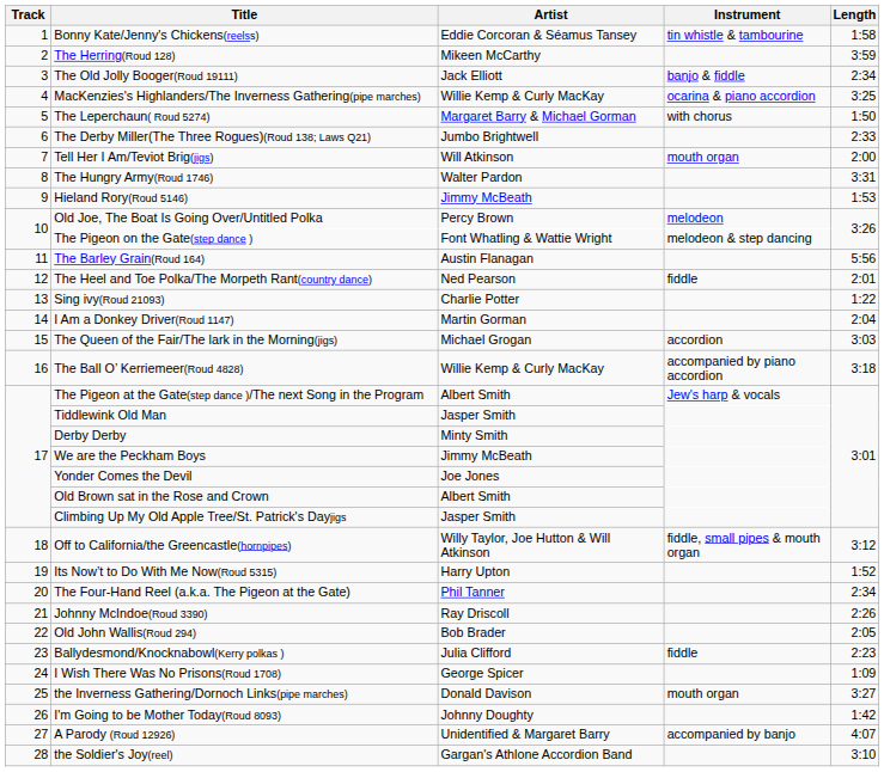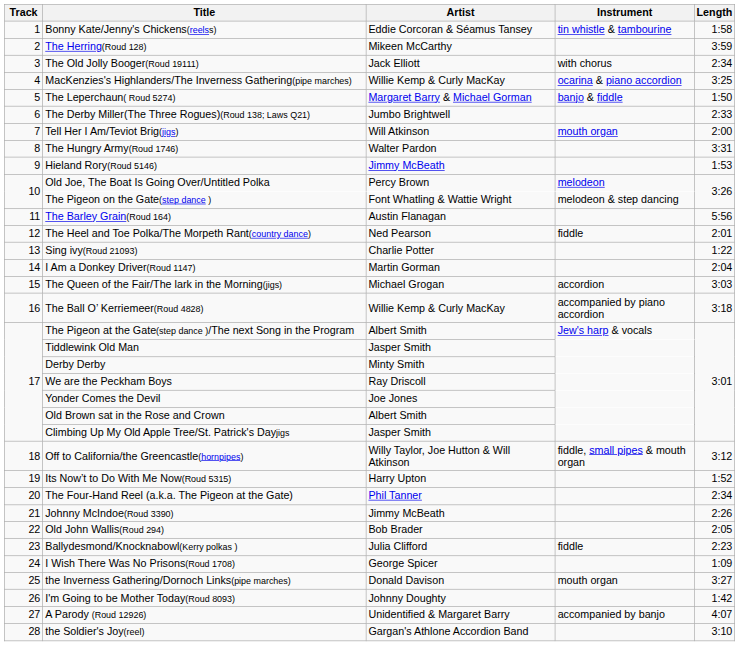 <table class="wikitable">
 <tr>
 <th style="width:  50px">Track</th>
 <th style="width: 475px">Title</th>
 <th style="width: 275px">Artist</th>
 <th style="width: 200px">Instrument</th>
 <th style="width:  50px">Length</th>
 </tr>
 <tr>
 <td style="text-align: right;">1</td>
 <td>Bonny Kate/Jenny's Chickens<small>(<a href='#'>reels</a>s)</small></td>
 <td>Eddie Corcoran & Séamus Tansey</td>
 <td><a href='#'>tin whistle</a> & <a href='#'>tambourine</a></td>
 <td style="text-align: right;">1:58</td>
 </tr>
 <tr>
 <td style="text-align: right;">2</td>
 <td><a href='#'>The Herring</a><small>(Roud 128)</small></td>
 <td>Mikeen McCarthy</td>
 <td></td>
 <td style="text-align: right;">3:59</td>
 </tr>
 <tr>
 <td style="text-align: right;">3</td>
 <td>The Old Jolly Booger<small>(Roud 19111)</small></td>
 <td>Jack Elliott</td>
-<td><a href='#'>banjo</a> & <a href='#'>fiddle</a></td>
+<td>with chorus</td>
 <td style="text-align: right;">2:34</td>
 </tr>
 <tr>
 <td style="text-align: right;">4</td>
 <td>MacKenzies's Highlanders/The Inverness Gathering<small>(pipe marches)</small></td>
 <td>Willie Kemp & Curly MacKay</td>
 <td><a href='#'>ocarina</a> & <a href='#'>piano accordion</a></td>
 <td style="text-align: right;">3:25</td>
 </tr>
 <tr>
 <td style="text-align: right;">5</td>
 <td>The Leperchaun<small>( Roud 5274)</small></td>
 <td><a href='#'>Margaret Barry</a> & <a href='#'>Michael Gorman</a></td>
-<td>with chorus</td>
+<td><a href='#'>banjo</a> & <a href='#'>fiddle</a></td>
 <td style="text-align: right;">1:50</td>
 </tr>
 <tr>
 <td style="text-align: right;">6</td>
 <td>The Derby Miller(The Three Rogues)<small>(Roud 138; Laws Q21)</small></td>
 <td>Jumbo Brightwell</td>
 <td></td>
 <td style="text-align: right;">2:33</td>
 </tr>
 <tr>
 <td style="text-align: right;">7</td>
 <td>Tell Her I Am/Teviot Brig<small>(<a href='#'>jigs</a>)</small></td>
 <td>Will Atkinson</td>
 <td><a href='#'>mouth organ</a></td>
 <td style="text-align: right;">2:00</td>
 </tr>
 <tr>
 <td style="text-align: right;">8</td>
 <td>The Hungry Army<small>(Roud 1746)</small></td>
 <td>Walter Pardon</td>
 <td></td>
 <td style="text-align: right;">3:31</td>
 </tr>
 <tr>
 <td style="text-align: right;">9</td>
 <td>Hieland Rory<small>(Roud 5146)</small></td>
 <td><a href='#'>Jimmy McBeath</a></td>
 <td></td>
 <td style="text-align: right;">1:53</td>
 </tr>
 <tr>
 <td rowspan = 2 style="text-align: right;">10</td>
 <td Style="border-bottom: 1px solid white;">Old Joe, The Boat Is Going Over/Untitled Polka</td>
 <td Style="border-bottom: 1px solid white;">Percy Brown</td>
 <td Style="border-bottom: 1px solid white;"><a href='#'>melodeon</a></td>
 <td rowspan = 2 style="text-align: right;">3:26</td>
 </tr>
 <tr>
 <td>The Pigeon on the Gate<small>(<a href='#'>step dance</a> )</small></td>
 <td>Font Whatling & Wattie Wright</td>
 <td>melodeon & step dancing</td>
 </tr>
 <tr>
 <td style="text-align: right;">11</td>
 <td><a href='#'>The Barley Grain</a><small>(Roud 164)</small></td>
 <td>Austin Flanagan</td>
 <td></td>
 <td style="text-align: right;">5:56</td>
 </tr>
 <tr>
 <td style="text-align: right;">12</td>
 <td>The Heel and Toe Polka/The Morpeth Rant<small>(<a href='#'>country dance</a>)</small></td>
 <td>Ned Pearson</td>
 <td>fiddle</td>
 <td style="text-align: right;">2:01</td>
 </tr>
 <tr>
 <td style="text-align: right;">13</td>
 <td>Sing ivy<small>(Roud 21093)</small></td>
 <td>Charlie Potter</td>
 <td></td>
 <td style="text-align: right;">1:22</td>
 </tr>
 <tr>
 <td style="text-align: right;">14</td>
 <td>I Am a Donkey Driver<small>(Roud 1147)</small></td>
 <td>Martin Gorman</td>
 <td></td>
 <td style="text-align: right;">2:04</td>
 </tr>
 <tr>
 <td style="text-align: right;">15</td>
 <td>The Queen of the Fair/The lark in the Morning<small>(jigs)</small></td>
 <td>Michael Grogan</td>
 <td>accordion</td>
 <td style="text-align: right;">3:03</td>
 </tr>
 <tr>
 <td style="text-align: right;">16</td>
 <td>The Ball O’ Kerriemeer<small>(Roud 4828)</small></td>
 <td>Willie Kemp & Curly MacKay</td>
 <td>accompanied by piano accordion</td>
 <td style="text-align: right;">3:18</td>
 </tr>
 <tr>
 <td rowspan = 7 style="text-align: right;">17</td>
 <td>The Pigeon at the Gate<small>(step dance )</small>/The next Song in the Program</td>
 <td>Albert Smith</td>
 <td Style="border-bottom: 1px solid white;"><a href='#'>Jew's harp</a> & vocals</td>
 <td rowspan = 7 style="text-align: right;">3:01</td>
 </tr>
 <tr>
 <td>Tiddlewink Old Man</td>
 <td>Jasper Smith</td>
 <td Style="border-bottom: 1px solid white;"></td>
 </tr>
 <tr>
 <td>Derby Derby</td>
 <td>Minty Smith</td>
 <td Style="border-bottom: 1px solid white;"></td>
 </tr>
 <tr>
 <td>We are the Peckham Boys</td>
-<td>Jimmy McBeath</td>
+<td>Ray Driscoll</td>
 <td Style="border-bottom: 1px solid white;"></td>
 </tr>
 <tr>
 <td>Yonder Comes the Devil</td>
 <td>Joe Jones</td>
 <td Style="border-bottom: 1px solid white;"></td>
 </tr>
 <tr>
 <td>Old Brown sat in the Rose and Crown</td>
 <td>Albert Smith</td>
 <td Style="border-bottom: 1px solid white;"></td>
 </tr>
 <tr>
 <td>Climbing Up My Old Apple Tree/St. Patrick's Day<small>jigs</small></td>
 <td>Jasper Smith</td>
 <td></td>
 </tr>
 <tr>
 <td style="text-align: right;">18</td>
 <td>Off to California/the Greencastle<small>(<a href='#'>hornpipes</a>)</small></td>
 <td>Willy Taylor, Joe Hutton & Will Atkinson</td>
 <td>fiddle, <a href='#'>small pipes</a> & mouth organ</td>
 <td style="text-align: right;">3:12</td>
 </tr>
 <tr>
 <td style="text-align: right;">19</td>
 <td>Its Now’t to Do With Me Now<small>(Roud 5315)</small></td>
 <td>Harry Upton</td>
 <td></td>
 <td style="text-align: right;">1:52</td>
 </tr>
 <tr>
 <td style="text-align: right;">20</td>
 <td>The Four-Hand Reel (a.k.a. The Pigeon at the Gate)</td>
 <td><a href='#'>Phil Tanner</a></td>
 <td></td>
 <td style="text-align: right;">2:34</td>
 </tr>
 <tr>
 <td style="text-align: right;">21</td>
 <td>Johnny McIndoe<small>(Roud 3390)</small></td>
-<td>Ray Driscoll</td>
+<td>Jimmy McBeath</td>
 <td></td>
 <td style="text-align: right;">2:26</td>
 </tr>
 <tr>
 <td style="text-align: right;">22</td>
 <td>Old John Wallis<small>(Roud 294)</small></td>
 <td>Bob Brader</td>
 <td></td>
 <td style="text-align: right;">2:05</td>
 </tr>
 <tr>
 <td style="text-align: right;">23</td>
 <td>Ballydesmond/Knocknabowl<small>(Kerry polkas )</small></td>
 <td>Julia Clifford</td>
 <td>fiddle</td>
 <td style="text-align: right;">2:23</td>
 </tr>
 <tr>
 <td style="text-align: right;">24</td>
 <td>I Wish There Was No Prisons<small>(Roud 1708)</small></td>
 <td>George Spicer</td>
 <td></td>
 <td style="text-align: right;">1:09</td>
 </tr>
 <tr>
 <td style="text-align: right;">25</td>
 <td>the Inverness Gathering/Dornoch Links<small>(pipe marches)</small></td>
 <td>Donald Davison</td>
 <td>mouth organ</td>
 <td style="text-align: right;">3:27</td>
 </tr>
 <tr>
 <td style="text-align: right;">26</td>
 <td>I'm Going to be Mother Today<small>(Roud 8093)</small></td>
 <td>Johnny Doughty</td>
 <td></td>
 <td style="text-align: right;">1:42</td>
 </tr>
 <tr>
 <td style="text-align: right;">27</td>
 <td>A Parody <small>(Roud 12926)</small></td>
 <td>Unidentified & Margaret Barry</td>
 <td>accompanied by banjo</td>
 <td style="text-align: right;">4:07</td>
 </tr>
 <tr>
 <td style="text-align: right;">28</td>
 <td>the Soldier's Joy<small>(reel)</small></td>
 <td>Gargan's Athlone Accordion Band</td>
 <td></td>
 <td style="text-align: right;">3:10</td>
 </tr>
 </table>
